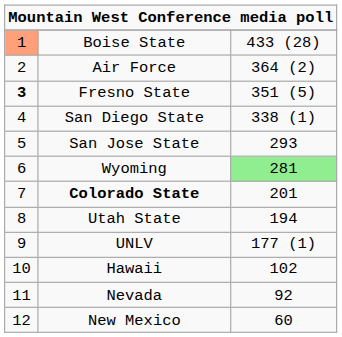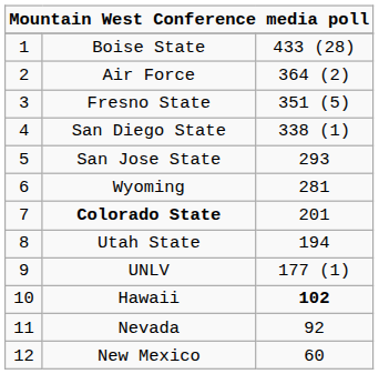 <table class="wikitable" style="display: inline-table;">
 <tr>
 <td align="center" Colspan="3"><strong>Mountain West Conference media poll</strong></td>
 </tr>
 <tr align="center">
 </tr>
 <tr align="center">
-<td style="background: lightsalmon;">1</td>
+<td>1</td>
 <td>Boise State</td>
 <td>433 (28)</td>
 </tr>
 <tr align="center">
 <td>2</td>
 <td>Air Force</td>
 <td>364 (2)</td>
 </tr>
 <tr align="center">
-<td><strong>3</strong></td>
+<td>3</td>
 <td>Fresno State</td>
 <td>351 (5)</td>
 </tr>
 <tr align="center">
 <td>4</td>
 <td>San Diego State</td>
 <td>338 (1)</td>
 </tr>
 <tr align="center">
 <td>5</td>
 <td>San Jose State</td>
 <td>293</td>
 </tr>
 <tr align="center">
 <td>6</td>
 <td>Wyoming</td>
-<td style="background: lightgreen;">281</td>
+<td>281</td>
 </tr>
 <tr align="center">
 <td>7</td>
 <td><strong>Colorado State</strong></td>
 <td>201</td>
 </tr>
 <tr align="center">
 <td>8</td>
 <td>Utah State</td>
 <td>194</td>
 </tr>
 <tr align="center">
 <td>9</td>
 <td>UNLV</td>
 <td>177 (1)</td>
 </tr>
 <tr align="center">
 <td>10</td>
 <td>Hawaii</td>
-<td>102</td>
+<td><strong>102</strong></td>
 </tr>
 <tr align="center">
 <td>11</td>
 <td>Nevada</td>
 <td>92</td>
 </tr>
 <tr align="center">
 <td>12</td>
 <td>New Mexico</td>
 <td>60</td>
 </tr>
 </table>
